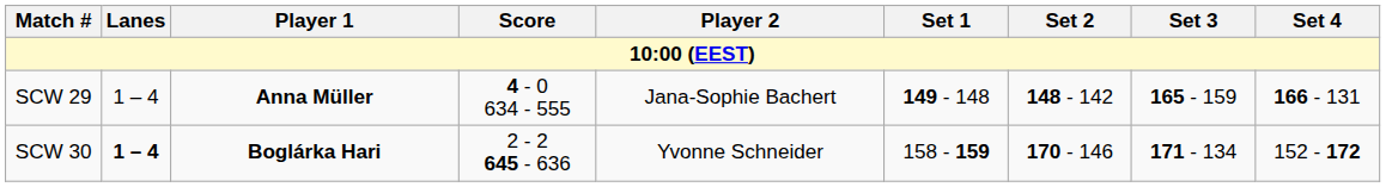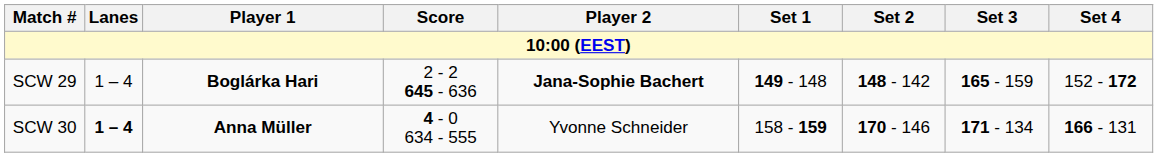 <table class="wikitable">
 <tr>
 <th width="7%">Match #</th>
 <th width="5%">Lanes</th>
 <th width="21%">Player 1</th>
 <th width="10%">Score</th>
 <th width="21%">Player 2</th>
 <th width="9%">Set 1</th>
 <th width="9%">Set 2</th>
 <th width="9%">Set 3</th>
 <th width="9%">Set 4</th>
 </tr>
 <tr>
 <td colspan="9" style="text-align:center; background-color:#FFFACD"><strong>10:00 (<a href='#'>EEST</a>)</strong></td>
 </tr>
 <tr style=text-align:center;"background:#;">
 <td>SCW 29</td>
 <td>1 – 4</td>
-<td> <strong>Anna Müller</strong></td>
-<td><strong>4</strong> - 0 <br> 634 - 555</td>
-<td> Jana-Sophie Bachert</td>
+<td> <strong>Boglárka Hari</strong></td>
+<td>2 - 2 <br> <strong>645</strong> - 636</td>
+<td><strong> Jana-Sophie Bachert</strong></td>
 <td><strong>149</strong> - 148</td>
 <td><strong>148</strong> - 142</td>
 <td><strong>165</strong> - 159</td>
-<td><strong>166</strong> - 131</td>
+<td>152 - <strong>172</strong></td>
 </tr>
 <tr style=text-align:center;"background:#;">
 <td>SCW 30</td>
 <td><strong>1 – 4</strong></td>
-<td> <strong>Boglárka Hari</strong></td>
-<td>2 - 2 <br> <strong>645</strong> - 636</td>
+<td> <strong>Anna Müller</strong></td>
+<td><strong>4</strong> - 0 <br> 634 - 555</td>
 <td> Yvonne Schneider</td>
 <td>158 - <strong>159</strong></td>
 <td><strong>170</strong> - 146</td>
 <td><strong>171</strong> - 134</td>
-<td>152 - <strong>172</strong></td>
+<td><strong>166</strong> - 131</td>
 </tr>
 </table>
